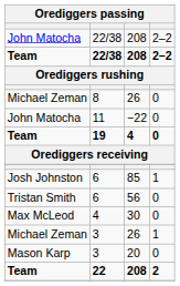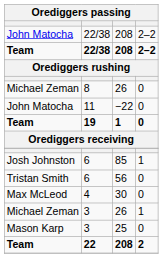 <table class="wikitable plainrowheaders">
 <tr>
 <th colspan="6">Orediggers passing</th>
 </tr>
 <tr>
 <th scope="col"></th>
 <th scope="col"></th>
 <th scope="col"></th>
 <th scope="col"></th>
 </tr>
 <tr>
 <td><a href='#'>John Matocha</a></td>
 <td>22/38</td>
 <td>208</td>
 <td>2–2</td>
 </tr>
 <tr>
 <td><strong>Team</strong></td>
 <td><strong>22/38</strong></td>
 <td><strong>208</strong></td>
 <td><strong>2–2</strong></td>
 </tr>
 <tr>
 <th colspan="6">Orediggers rushing</th>
 </tr>
 <tr>
 <th scope="col"></th>
 <th scope="col"></th>
 <th scope="col"></th>
 <th scope="col"></th>
 </tr>
 <tr>
 <td>Michael Zeman</td>
 <td>8</td>
 <td>26</td>
 <td>0</td>
 </tr>
 <tr>
 <td>John Matocha</td>
 <td>11</td>
 <td>−22</td>
 <td>0</td>
 </tr>
 <tr>
 <td><strong>Team</strong></td>
 <td><strong>19</strong></td>
-<td><strong>4</strong></td>
+<td><strong>1</strong></td>
 <td><strong>0</strong></td>
 </tr>
 <tr>
 <th colspan="6">Orediggers receiving</th>
 </tr>
 <tr>
 </tr>
 <tr>
 <th scope="col"></th>
 <th scope="col"></th>
 <th scope="col"></th>
 <th scope="col"></th>
 </tr>
 <tr>
 <td>Josh Johnston</td>
 <td>6</td>
 <td>85</td>
 <td>1</td>
 </tr>
 <tr>
 <td>Tristan Smith</td>
 <td>6</td>
 <td>56</td>
 <td>0</td>
 </tr>
 <tr>
 <td>Max McLeod</td>
 <td>4</td>
 <td>30</td>
 <td>0</td>
 </tr>
 <tr>
 <td>Michael Zeman</td>
 <td>3</td>
 <td>26</td>
 <td>1</td>
 </tr>
 <tr>
 <td>Mason Karp</td>
 <td>3</td>
-<td>20</td>
+<td>25</td>
 <td>0</td>
 </tr>
 <tr>
 <td><strong>Team</strong></td>
 <td><strong>22</strong></td>
 <td><strong>208</strong></td>
 <td><strong>2</strong></td>
 </tr>
 <tr>
 </tr>
 </table>
